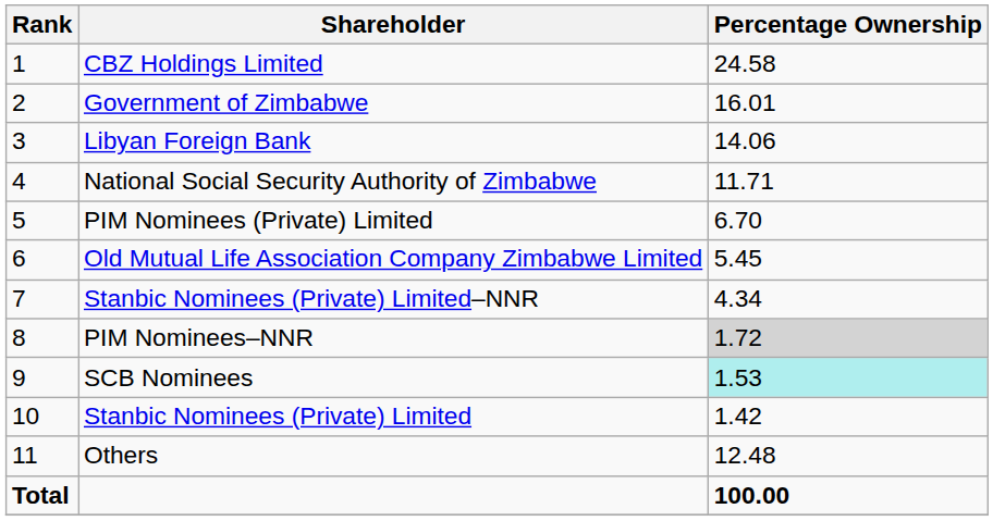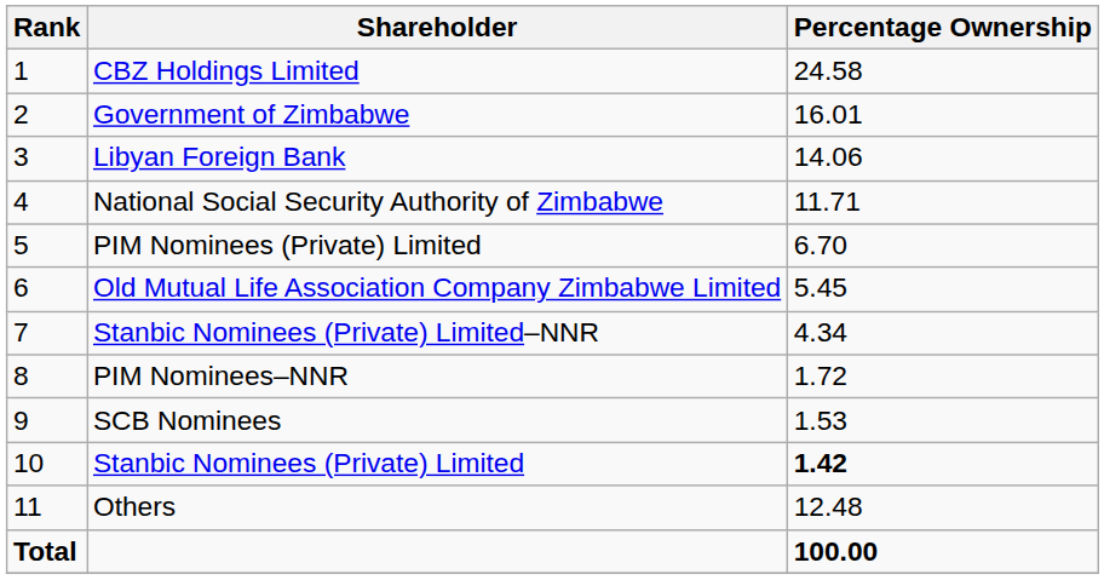 <table class="wikitable sortable" style="margin-left:auto;margin-right:auto">
 <tr>
 <th style="width:2em;">Rank</th>
 <th>Shareholder</th>
 <th>Percentage Ownership</th>
 </tr>
 <tr>
 <td>1</td>
 <td><a href='#'>CBZ Holdings Limited</a></td>
 <td>24.58</td>
 </tr>
 <tr>
 <td>2</td>
 <td><a href='#'>Government of Zimbabwe</a></td>
 <td>16.01</td>
 </tr>
 <tr>
 <td>3</td>
 <td><a href='#'>Libyan Foreign Bank</a></td>
 <td>14.06</td>
 </tr>
 <tr>
 <td>4</td>
 <td>National Social Security Authority of <a href='#'>Zimbabwe</a></td>
 <td>11.71</td>
 </tr>
 <tr>
 <td>5</td>
 <td>PIM Nominees (Private) Limited</td>
 <td>6.70</td>
 </tr>
 <tr>
 <td>6</td>
 <td><a href='#'>Old Mutual Life Association Company Zimbabwe Limited</a></td>
 <td>5.45</td>
 </tr>
 <tr>
 <td>7</td>
 <td><a href='#'>Stanbic Nominees (Private) Limited</a>–NNR</td>
 <td>4.34</td>
 </tr>
 <tr>
 <td>8</td>
 <td>PIM Nominees–NNR</td>
-<td style="background: lightgrey;">1.72</td>
+<td>1.72</td>
 </tr>
 <tr>
 <td>9</td>
 <td>SCB Nominees</td>
-<td style="background: paleturquoise;">1.53</td>
+<td>1.53</td>
 </tr>
 <tr>
 <td>10</td>
 <td><a href='#'>Stanbic Nominees (Private) Limited</a></td>
-<td>1.42</td>
+<td><strong>1.42</strong></td>
 </tr>
 <tr>
 <td>11</td>
 <td>Others</td>
 <td>12.48</td>
 </tr>
 <tr>
 <td><strong>Total</strong></td>
 <td></td>
 <td><strong>100.00</strong></td>
 </tr>
 <tr>
 </tr>
 </table>
